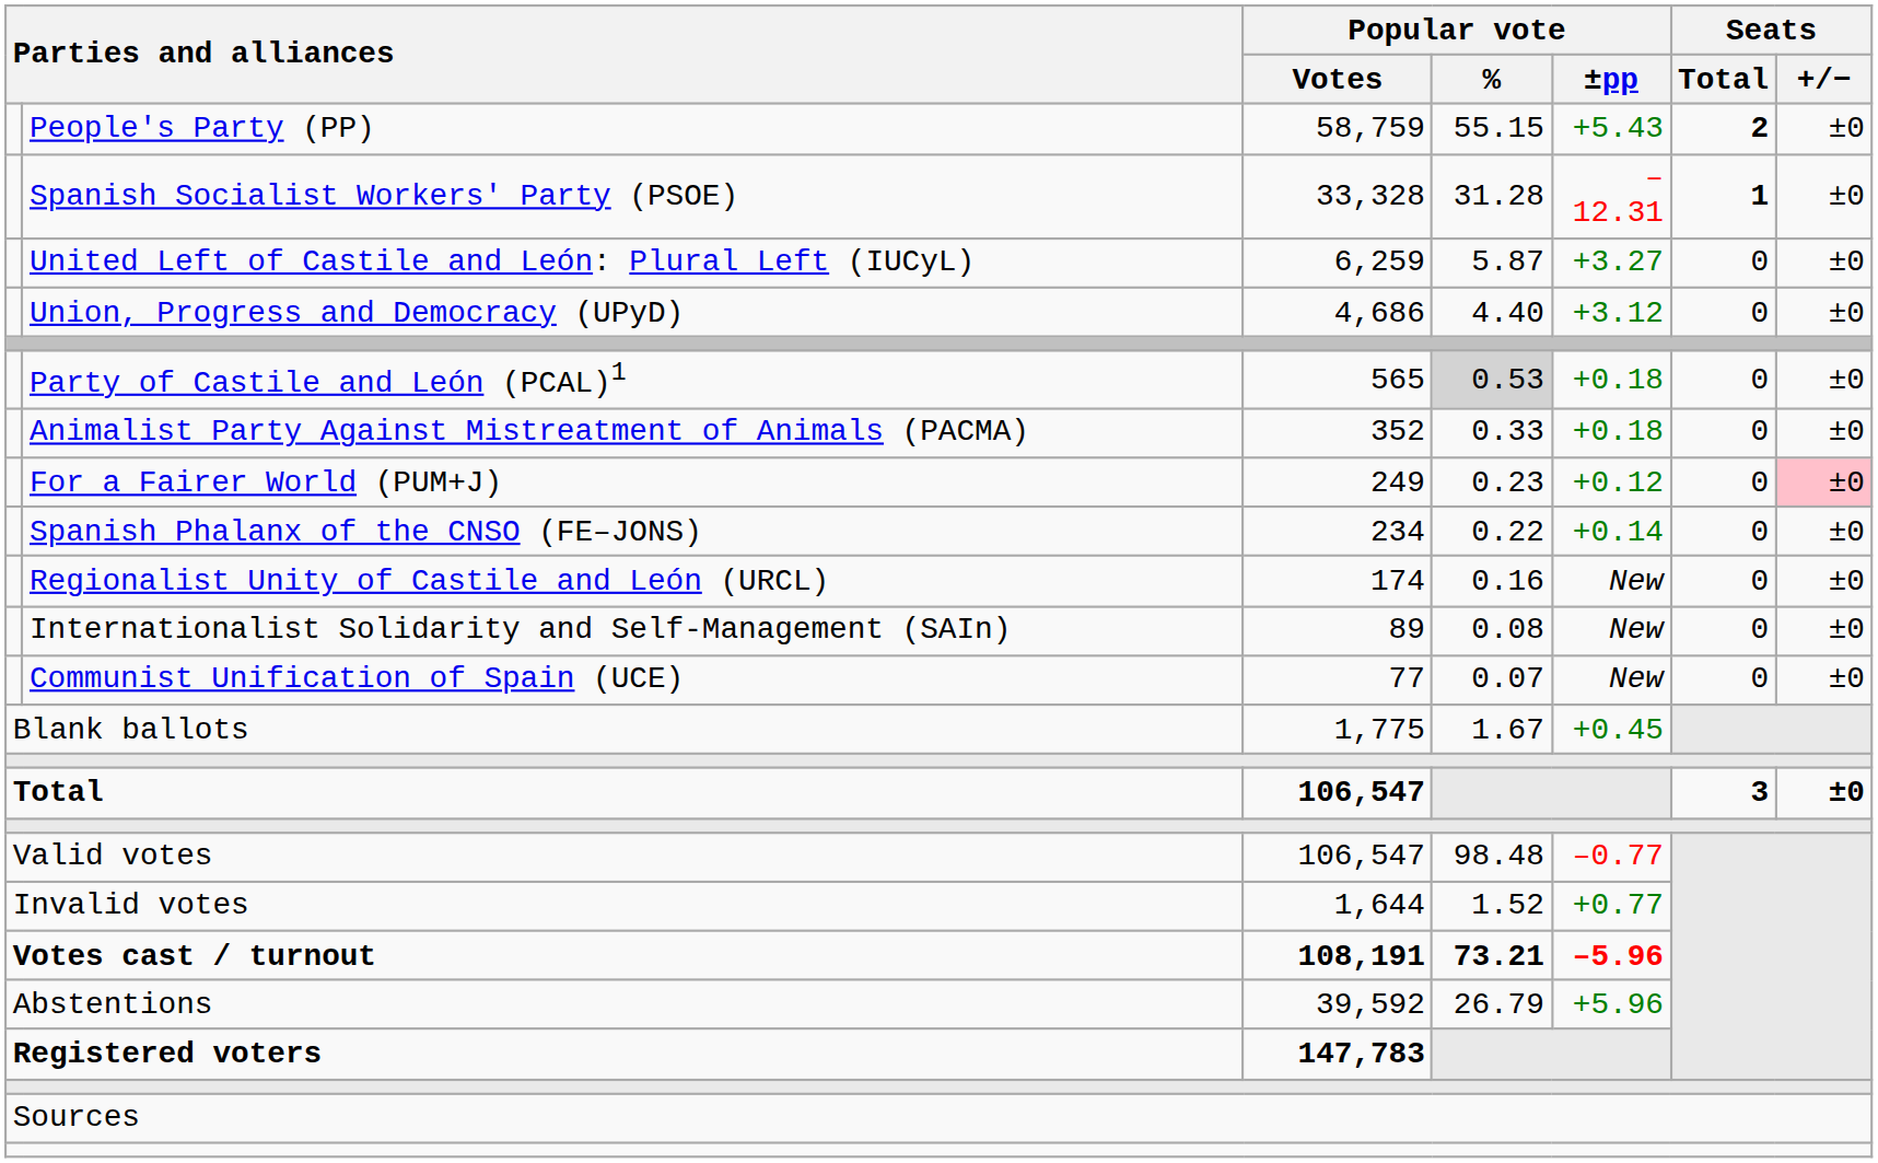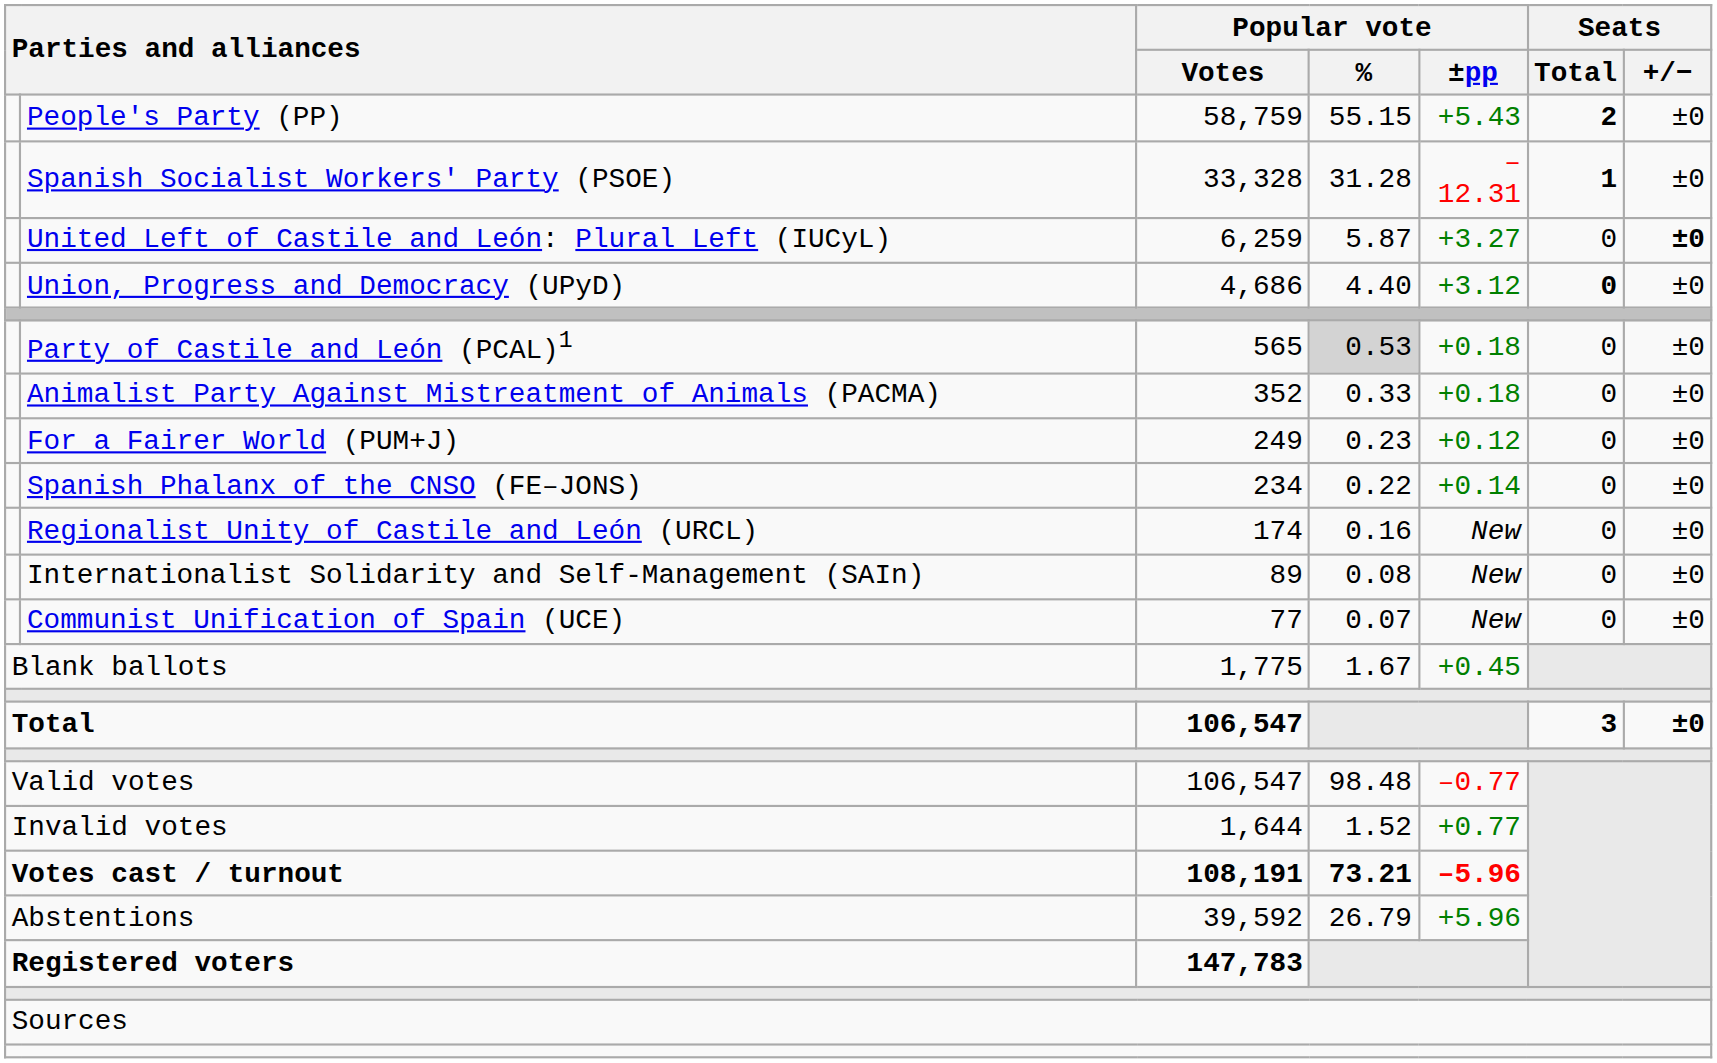 <table class="wikitable" style="text-align:right;">
 <tr>
 <th style="text-align:left;" rowspan="2" colspan="2" width="525">Parties and alliances</th>
 <th colspan="3">Popular vote</th>
 <th colspan="2">Seats</th>
 </tr>
 <tr>
 <th width="75">Votes</th>
 <th width="45">%</th>
 <th width="45">±<a href='#'>pp</a></th>
 <th width="35">Total</th>
 <th width="35">+/−</th>
 </tr>
 <tr>
 <td width="1" style="color:inherit;background:"></td>
 <td align="left"><a href='#'>People's Party</a> (PP)</td>
 <td>58,759</td>
 <td>55.15</td>
 <td style="color:green;">+5.43</td>
 <td><strong>2</strong></td>
 <td>±0</td>
 </tr>
 <tr>
 <td style="color:inherit;background:"></td>
 <td align="left"><a href='#'>Spanish Socialist Workers' Party</a> (PSOE)</td>
 <td>33,328</td>
 <td>31.28</td>
 <td style="color:red;">–12.31</td>
 <td><strong>1</strong></td>
 <td>±0</td>
 </tr>
 <tr>
 <td style="color:inherit;background:"></td>
 <td align="left"><a href='#'>United Left of Castile and León</a>: <a href='#'>Plural Left</a> (IUCyL)</td>
 <td>6,259</td>
 <td>5.87</td>
 <td style="color:green;">+3.27</td>
 <td>0</td>
-<td>±0</td>
+<td><strong>±0</strong></td>
 </tr>
 <tr>
 <td style="color:inherit;background:"></td>
 <td align="left"><a href='#'>Union, Progress and Democracy</a> (UPyD)</td>
 <td>4,686</td>
 <td>4.40</td>
 <td style="color:green;">+3.12</td>
-<td>0</td>
+<td><strong>0</strong></td>
 <td>±0</td>
 </tr>
 <tr>
 <td colspan="7" bgcolor="#C0C0C0"></td>
 </tr>
 <tr>
 <td style="color:inherit;background:"></td>
 <td align="left"><a href='#'>Party of Castile and León</a> (PCAL)<sup>1</sup></td>
 <td>565</td>
 <td style="background: lightgrey;">0.53</td>
 <td style="color:green;">+0.18</td>
 <td>0</td>
 <td>±0</td>
 </tr>
 <tr>
 <td style="color:inherit;background:"></td>
 <td align="left"><a href='#'>Animalist Party Against Mistreatment of Animals</a> (PACMA)</td>
 <td>352</td>
 <td>0.33</td>
 <td style="color:green;">+0.18</td>
 <td>0</td>
 <td>±0</td>
 </tr>
 <tr>
 <td style="color:inherit;background:"></td>
 <td align="left"><a href='#'>For a Fairer World</a> (PUM+J)</td>
 <td>249</td>
 <td>0.23</td>
 <td style="color:green;">+0.12</td>
 <td>0</td>
-<td style="background: pink;">±0</td>
+<td>±0</td>
 </tr>
 <tr>
 <td style="color:inherit;background:"></td>
 <td align="left"><a href='#'>Spanish Phalanx of the CNSO</a> (FE–JONS)</td>
 <td>234</td>
 <td>0.22</td>
 <td style="color:green;">+0.14</td>
 <td>0</td>
 <td>±0</td>
 </tr>
 <tr>
 <td style="color:inherit;background:"></td>
 <td align="left"><a href='#'>Regionalist Unity of Castile and León</a> (URCL)</td>
 <td>174</td>
 <td>0.16</td>
 <td><em>New</em></td>
 <td>0</td>
 <td>±0</td>
 </tr>
 <tr>
 <td style="color:inherit;background:"></td>
 <td align="left">Internationalist Solidarity and Self-Management (SAIn)</td>
 <td>89</td>
 <td>0.08</td>
 <td><em>New</em></td>
 <td>0</td>
 <td>±0</td>
 </tr>
 <tr>
 <td style="color:inherit;background:"></td>
 <td align="left"><a href='#'>Communist Unification of Spain</a> (UCE)</td>
 <td>77</td>
 <td>0.07</td>
 <td><em>New</em></td>
 <td>0</td>
 <td>±0</td>
 </tr>
 <tr>
 <td align="left" colspan="2">Blank ballots</td>
 <td>1,775</td>
 <td>1.67</td>
 <td style="color:green;">+0.45</td>
 <td bgcolor="#E9E9E9" colspan="2"></td>
 </tr>
 <tr>
 <td colspan="7" bgcolor="#E9E9E9"></td>
 </tr>
 <tr style="font-weight:bold;">
 <td align="left" colspan="2">Total</td>
 <td>106,547</td>
 <td bgcolor="#E9E9E9" colspan="2"></td>
 <td>3</td>
 <td>±0</td>
 </tr>
 <tr>
 <td colspan="7" bgcolor="#E9E9E9"></td>
 </tr>
 <tr>
 <td align="left" colspan="2">Valid votes</td>
 <td>106,547</td>
 <td>98.48</td>
 <td style="color:red;">–0.77</td>
 <td bgcolor="#E9E9E9" colspan="2" rowspan="5"></td>
 </tr>
 <tr>
 <td align="left" colspan="2">Invalid votes</td>
 <td>1,644</td>
 <td>1.52</td>
 <td style="color:green;">+0.77</td>
 </tr>
 <tr style="font-weight:bold;">
 <td align="left" colspan="2">Votes cast / turnout</td>
 <td>108,191</td>
 <td>73.21</td>
 <td style="color:red;">–5.96</td>
 </tr>
 <tr>
 <td align="left" colspan="2">Abstentions</td>
 <td>39,592</td>
 <td>26.79</td>
 <td style="color:green;">+5.96</td>
 </tr>
 <tr style="font-weight:bold;">
 <td align="left" colspan="2">Registered voters</td>
 <td>147,783</td>
 <td bgcolor="#E9E9E9" colspan="2"></td>
 </tr>
 <tr>
 <td colspan="7" bgcolor="#E9E9E9"></td>
 </tr>
 <tr>
 <td align="left" colspan="7">Sources</td>
 </tr>
 <tr>
 <td colspan="7" style="text-align:left; max-width:790px;"></td>
 </tr>
 </table>
